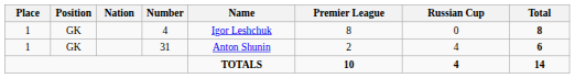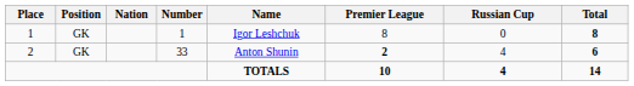 <table class="wikitable" style="font-size: 95%; text-align: center;">
 <tr>
 <th width=60>Place</th>
 <th width=60>Position</th>
 <th width=60>Nation</th>
 <th width=60>Number</th>
 <th width=150>Name</th>
 <th width=150>Premier League</th>
 <th width=150>Russian Cup</th>
 <th width=80><strong>Total</strong></th>
 </tr>
 <tr>
 <td>1</td>
 <td>GK</td>
 <td></td>
-<td>4</td>
+<td>1</td>
 <td><a href='#'>Igor Leshchuk</a></td>
 <td>8</td>
 <td>0</td>
 <td><strong>8</strong></td>
 </tr>
 <tr>
-<td>1</td>
+<td>2</td>
 <td>GK</td>
 <td></td>
-<td>31</td>
+<td>33</td>
 <td><a href='#'>Anton Shunin</a></td>
-<td>2</td>
+<td><strong>2</strong></td>
 <td>4</td>
 <td><strong>6</strong></td>
 </tr>
 <tr>
 <td colspan="4"></td>
 <td><strong>TOTALS</strong></td>
 <td><strong>10</strong></td>
 <td><strong>4</strong></td>
 <td><strong>14</strong></td>
 </tr>
 </table>
